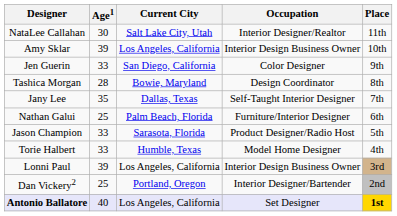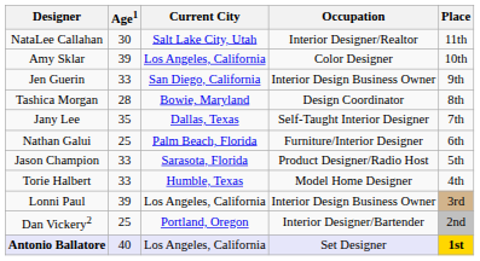 <table class="wikitable sortable" style="text-align:center">
 <tr>
 <th>Designer</th>
 <th>Age<sup>1</sup></th>
 <th>Current City</th>
 <th>Occupation</th>
 <th>Place</th>
 </tr>
 <tr>
 <td>NataLee Callahan</td>
 <td>30</td>
 <td><a href='#'>Salt Lake City, Utah</a></td>
 <td>Interior Designer/Realtor</td>
 <td>11th</td>
 </tr>
 <tr>
 <td>Amy Sklar</td>
 <td>39</td>
 <td><a href='#'>Los Angeles, California</a></td>
-<td>Interior Design Business Owner</td>
+<td>Color Designer</td>
 <td>10th</td>
 </tr>
 <tr>
 <td>Jen Guerin</td>
 <td>33</td>
 <td><a href='#'>San Diego, California</a></td>
-<td>Color Designer</td>
+<td>Interior Design Business Owner</td>
 <td>9th</td>
 </tr>
 <tr>
 <td>Tashica Morgan</td>
 <td>28</td>
 <td><a href='#'>Bowie, Maryland</a></td>
 <td>Design Coordinator</td>
 <td>8th</td>
 </tr>
 <tr>
 <td>Jany Lee</td>
 <td>35</td>
 <td><a href='#'>Dallas, Texas</a></td>
 <td>Self-Taught Interior Designer</td>
 <td>7th</td>
 </tr>
 <tr>
 <td>Nathan Galui</td>
 <td>25</td>
 <td><a href='#'>Palm Beach, Florida</a></td>
 <td>Furniture/Interior Designer</td>
 <td>6th</td>
 </tr>
 <tr>
 <td>Jason Champion</td>
 <td>33</td>
 <td><a href='#'>Sarasota, Florida</a></td>
 <td>Product Designer/Radio Host</td>
 <td>5th</td>
 </tr>
 <tr>
 <td>Torie Halbert</td>
 <td>33</td>
 <td><a href='#'>Humble, Texas</a></td>
 <td>Model Home Designer</td>
 <td>4th</td>
 </tr>
 <tr>
 <td>Lonni Paul</td>
 <td>39</td>
 <td>Los Angeles, California</td>
 <td>Interior Design Business Owner</td>
 <td bgcolor="tan">3rd</td>
 </tr>
 <tr>
 <td>Dan Vickery<sup>2</sup></td>
 <td>25</td>
 <td><a href='#'>Portland, Oregon</a></td>
 <td>Interior Designer/Bartender</td>
 <td bgcolor="silver">2nd</td>
 </tr>
 <tr>
 <td bgcolor="lavender"><strong>Antonio Ballatore</strong></td>
 <td bgcolor="lavender">40</td>
 <td bgcolor="lavender">Los Angeles, California</td>
 <td bgcolor="lavender">Set Designer</td>
 <td bgcolor="gold"><strong>1st</strong></td>
 </tr>
 </table>
